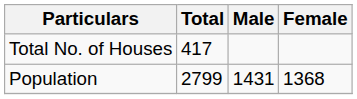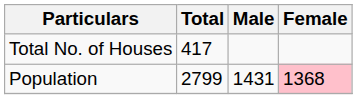 <table class="wikitable sortable">
 <tr>
 <th>Particulars</th>
 <th>Total</th>
 <th>Male</th>
 <th>Female</th>
 </tr>
 <tr>
 <td>Total No. of Houses</td>
 <td>417</td>
 <td></td>
 <td></td>
 </tr>
 <tr>
 <td>Population</td>
 <td>2799</td>
 <td>1431</td>
-<td>1368</td>
+<td style="background: pink;">1368</td>
 </tr>
 <tr>
 </tr>
 </table>
